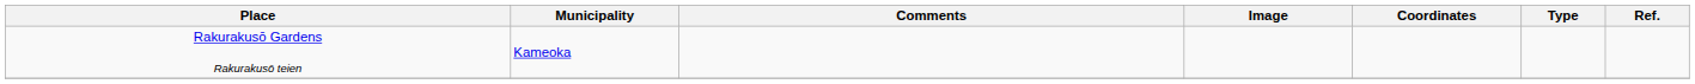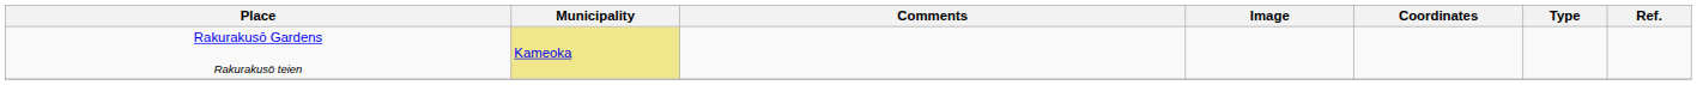 <table class="wikitable sortable"  style="width:100%;">
 <tr>
 <th width="30%" align="left">Place</th>
 <th width="10%" align="left">Municipality</th>
 <th width="30%" align="left" class="unsortable">Comments</th>
 <th width="10%" align="left"  class="unsortable">Image</th>
 <th width="10%" align="left" class="unsortable">Coordinates</th>
 <th width="5%" align="left">Type</th>
 <th width="5%" align="left"  class="unsortable">Ref.</th>
 </tr>
 <tr>
 <td align="center"><a href='#'>Rakurakusō Gardens</a><br><br><small><em>Rakurakusō teien</em></small></td>
-<td><a href='#'>Kameoka</a></td>
+<td style="background: khaki;"><a href='#'>Kameoka</a></td>
 <td></td>
 <td></td>
 <td></td>
 <td></td>
 <td></td>
 </tr>
 <tr>
 </tr>
 </table>
